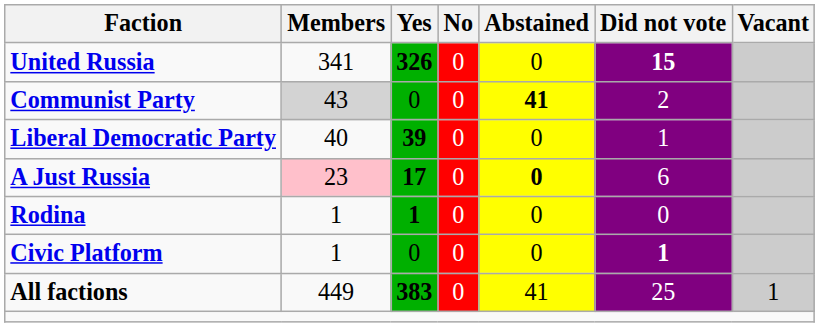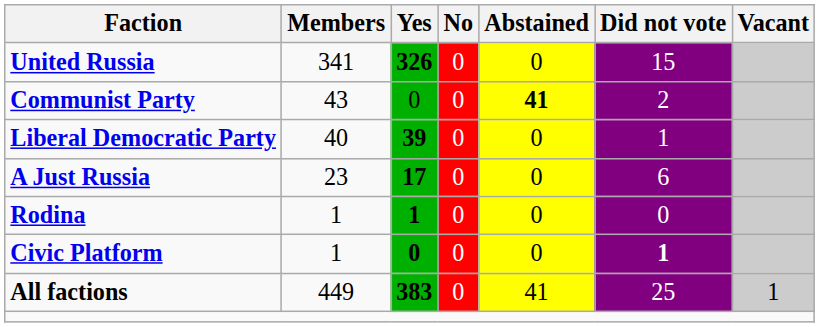 <table class="wikitable">
 <tr>
 <th>Faction</th>
 <th>Members</th>
 <th><strong>Yes</strong></th>
 <th>No</th>
 <th>Abstained</th>
 <th>Did not vote</th>
 <th>Vacant</th>
 </tr>
 <tr ---->
 <td><strong><a href='#'>United Russia</a></strong></td>
 <td style="text-align:center;">341</td>
 <td style="text-align:center;background-color:#00B000;"><strong>326</strong></td>
 <td style="text-align:center;background-color:red;color:white;">0</td>
 <td style="text-align:center;background-color:yellow;">0</td>
-<td style="text-align:center;background-color:purple;color:white;"><strong>15</strong></td>
+<td style="text-align:center;background-color:purple;color:white;">15</td>
 <td style="text-align:center;background-color:#cccccc;"></td>
 </tr>
 <tr ---->
 <td><strong><a href='#'>Communist Party</a></strong></td>
-<td style="background: lightgrey; text-align:center;">43</td>
+<td style="text-align:center;">43</td>
 <td style="text-align:center;background-color:#00B000;">0</td>
 <td style="text-align:center;background-color:red;color:white;">0</td>
 <td style="text-align:center;background-color:yellow;"><strong>41</strong></td>
 <td style="text-align:center;background-color:purple;color:white;">2</td>
 <td style="text-align:center;background-color:#cccccc;"></td>
 </tr>
 <tr ---->
 <td><strong><a href='#'>Liberal Democratic Party</a></strong></td>
 <td style="text-align:center;">40</td>
 <td style="text-align:center;background-color:#00B000;"><strong>39</strong></td>
 <td style="text-align:center;background-color:red;color:white;">0</td>
 <td style="text-align:center;background-color:yellow;">0</td>
 <td style="text-align:center;background-color:purple;color:white;">1</td>
 <td style="text-align:center;background-color:#cccccc;"></td>
 </tr>
 <tr ---->
 <td><strong><a href='#'>A Just Russia</a></strong></td>
-<td style="background: pink; text-align:center;">23</td>
+<td style="text-align:center;">23</td>
 <td style="text-align:center;background-color:#00B000;"><strong>17</strong></td>
 <td style="text-align:center;background-color:red;color:white;">0</td>
-<td style="text-align:center;background-color:yellow;"><strong>0</strong></td>
+<td style="text-align:center;background-color:yellow;">0</td>
 <td style="text-align:center;background-color:purple;color:white;">6</td>
 <td style="text-align:center;background-color:#cccccc;"></td>
 </tr>
 <tr ---->
 <td><strong><a href='#'>Rodina</a></strong></td>
 <td style="text-align:center;">1</td>
 <td style="text-align:center;background-color:#00B000;"><strong>1</strong></td>
 <td style="text-align:center;background-color:red;color:white;">0</td>
 <td style="text-align:center;background-color:yellow;">0</td>
 <td style="text-align:center;background-color:purple;color:white;">0</td>
 <td style="text-align:center;background-color:#cccccc;"></td>
 </tr>
 <tr ---->
 <td><strong><a href='#'>Civic Platform</a></strong></td>
 <td style="text-align:center;">1</td>
-<td style="text-align:center;background-color:#00B000;">0</td>
+<td style="text-align:center;background-color:#00B000;"><strong>0</strong></td>
 <td style="text-align:center;background-color:red;color:white;">0</td>
 <td style="text-align:center;background-color:yellow;">0</td>
 <td style="text-align:center;background-color:purple;color:white;"><strong>1</strong></td>
 <td style="text-align:center;background-color:#cccccc;"></td>
 </tr>
 <tr ---->
 <td><strong>All factions</strong></td>
 <td style="text-align:center;">449</td>
 <td style="text-align:center;background-color:#00B000;"><strong>383</strong></td>
 <td style="text-align:center;background-color:red;color:white;">0</td>
 <td style="text-align:center;background-color:yellow;">41</td>
 <td style="text-align:center;background-color:purple;color:white;">25</td>
 <td style="text-align:center;background-color:#cccccc;">1</td>
 </tr>
 <tr ---->
 <td colspan=7></td>
 </tr>
 </table>
